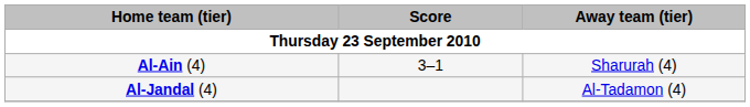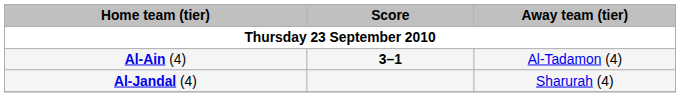 <table class="wikitable" style="width: 700px; background:WhiteSmoke; text-align:center; font-size:90%">
 <tr>
 <td scope="col" style="width: 45%; background:silver;"><strong>Home team (tier)</strong></td>
 <td scope="col" style="width: 25%; background:silver;"><strong>Score</strong></td>
 <td scope="col" style="width: 45%; background:silver;"><strong>Away team (tier)</strong></td>
 </tr>
 <tr>
 <td colspan="5" style= background:White><strong>Thursday 23 September 2010</strong></td>
 </tr>
 <tr>
 <td><strong><a href='#'>Al-Ain</a></strong> (4)</td>
-<td>3–1</td>
-<td><a href='#'>Sharurah</a> (4)</td>
+<td><strong>3–1</strong></td>
+<td><a href='#'>Al-Tadamon</a> (4)</td>
 </tr>
 <tr>
 <td><strong><a href='#'>Al-Jandal</a></strong> (4)</td>
 <td></td>
-<td><a href='#'>Al-Tadamon</a> (4)</td>
+<td><a href='#'>Sharurah</a> (4)</td>
 </tr>
 <tr>
 </tr>
 </table>
